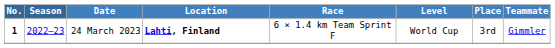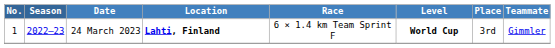 <table class="wikitable sortable" style="font-size:95%; text-align:center; border:grey solid 1px; border-collapse:collapse; background:#ffffff;">
 <tr style="background:#efefef;">
 <th style="background-color:#369; color:white;">No.</th>
 <th style="background-color:#369; color:white;">Season</th>
 <th style="background-color:#4180be; color:white; width:100px;">Date</th>
 <th style="background-color:#4180be; color:white; width:170px;">Location</th>
 <th style="background-color:#4180be; color:white; width:170px;">Race</th>
 <th style="background-color:#4180be; color:white; width:100px;">Level</th>
 <th style="background-color:#4180be; color:white;">Place</th>
 <th style="background-color:#4180be; color:white;">Teammate</th>
 </tr>
 <tr>
-<td align=center><strong>1</strong></td>
+<td align=center>1</td>
 <td rowspan=1 align=center><a href='#'>2022–23</a></td>
 <td align=right>24 March 2023</td>
 <td align=left><strong> <a href='#'>Lahti</a>, Finland</strong></td>
 <td>6  × 1.4 km Team Sprint F</td>
-<td>World Cup</td>
+<td><strong>World Cup</strong></td>
 <td>3rd</td>
 <td><a href='#'>Gimmler</a></td>
 </tr>
 <tr>
 </tr>
 </table>
